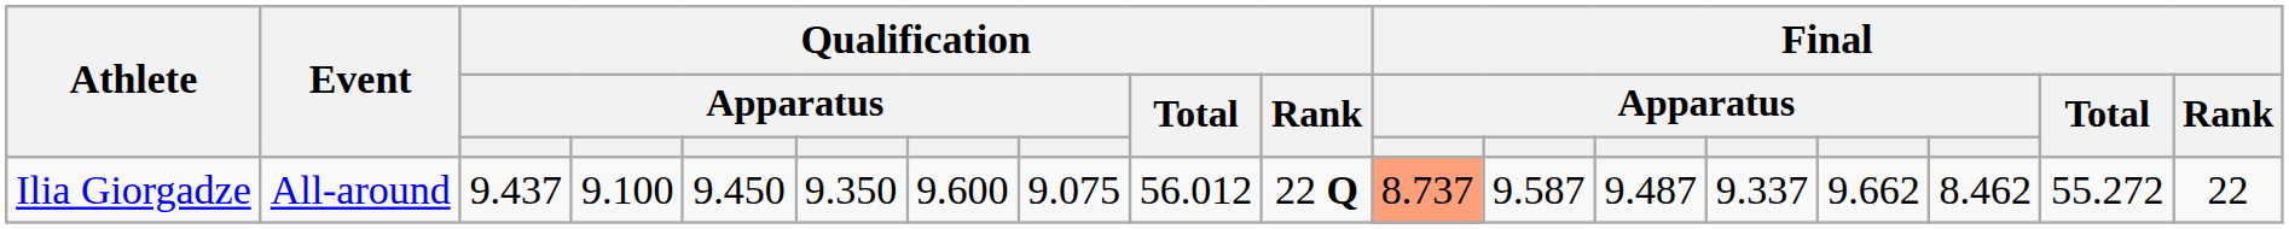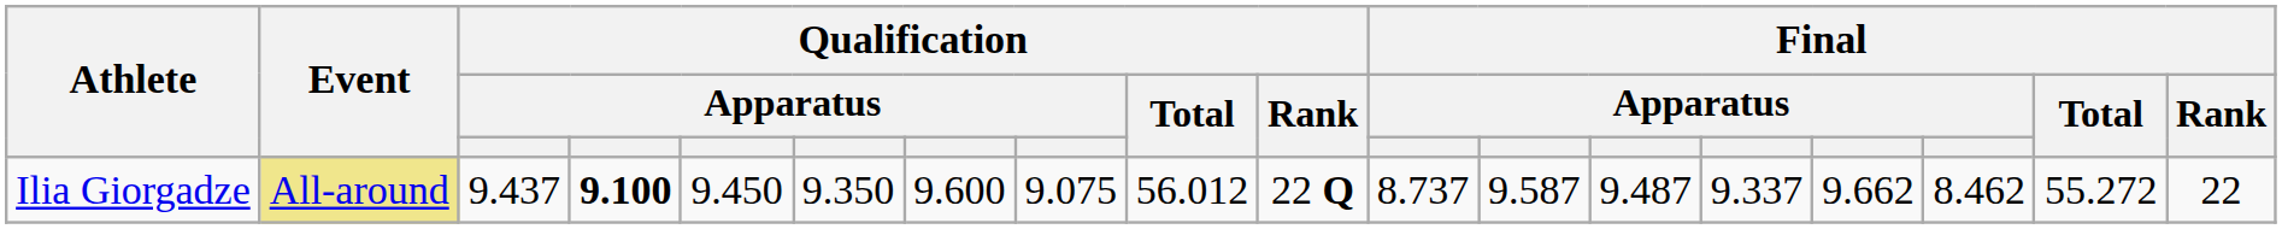 <table class="wikitable" style="font-size:90%">
 <tr>
 <th rowspan=3>Athlete</th>
 <th rowspan=3>Event</th>
 <th colspan =8>Qualification</th>
 <th colspan =8>Final</th>
 </tr>
 <tr style="font-size:95%">
 <th colspan=6>Apparatus</th>
 <th rowspan=2>Total</th>
 <th rowspan=2>Rank</th>
 <th colspan=6>Apparatus</th>
 <th rowspan=2>Total</th>
 <th rowspan=2>Rank</th>
 </tr>
 <tr style="font-size:95%">
 <th></th>
 <th></th>
 <th></th>
 <th></th>
 <th></th>
 <th></th>
 <th></th>
 <th></th>
 <th></th>
 <th></th>
 <th></th>
 <th></th>
 </tr>
 <tr align=center>
 <td align=left><a href='#'>Ilia Giorgadze</a></td>
-<td align=left><a href='#'>All-around</a></td>
+<td align=left style="background: khaki;"><a href='#'>All-around</a></td>
 <td>9.437</td>
-<td>9.100</td>
+<td><strong>9.100</strong></td>
 <td>9.450</td>
 <td>9.350</td>
 <td>9.600</td>
 <td>9.075</td>
 <td>56.012</td>
 <td>22 <strong>Q</strong></td>
-<td style="background: lightsalmon;">8.737</td>
+<td>8.737</td>
 <td>9.587</td>
 <td>9.487</td>
 <td>9.337</td>
 <td>9.662</td>
 <td>8.462</td>
 <td>55.272</td>
 <td>22</td>
 </tr>
 </table>
